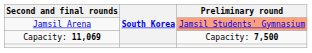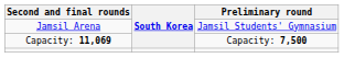 <table class="wikitable" style="text-align:center;">
 <tr>
 <th>Second and final rounds</th>
 <th rowspan=3><a href='#'>South Korea</a></th>
 <th>Preliminary round</th>
 </tr>
 <tr>
 <td><a href='#'>Jamsil Arena</a></td>
-<td style="background: lightsalmon;"><a href='#'>Jamsil Students' Gymnasium</a></td>
+<td><a href='#'>Jamsil Students' Gymnasium</a></td>
 </tr>
 <tr>
 <td>Capacity: <strong>	11,069</strong></td>
 <td>Capacity: <strong>7,500</strong></td>
 </tr>
 <tr>
 <td></td>
 <td></td>
 <td></td>
 </tr>
 </table>
